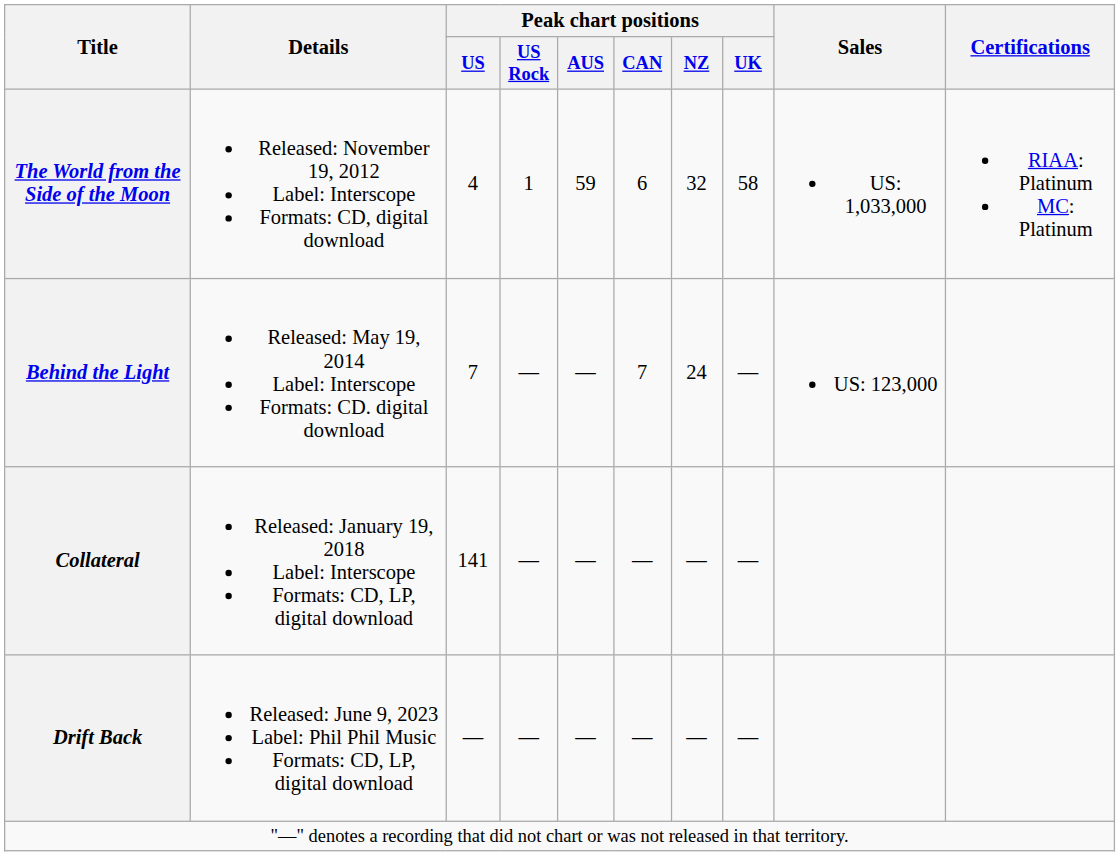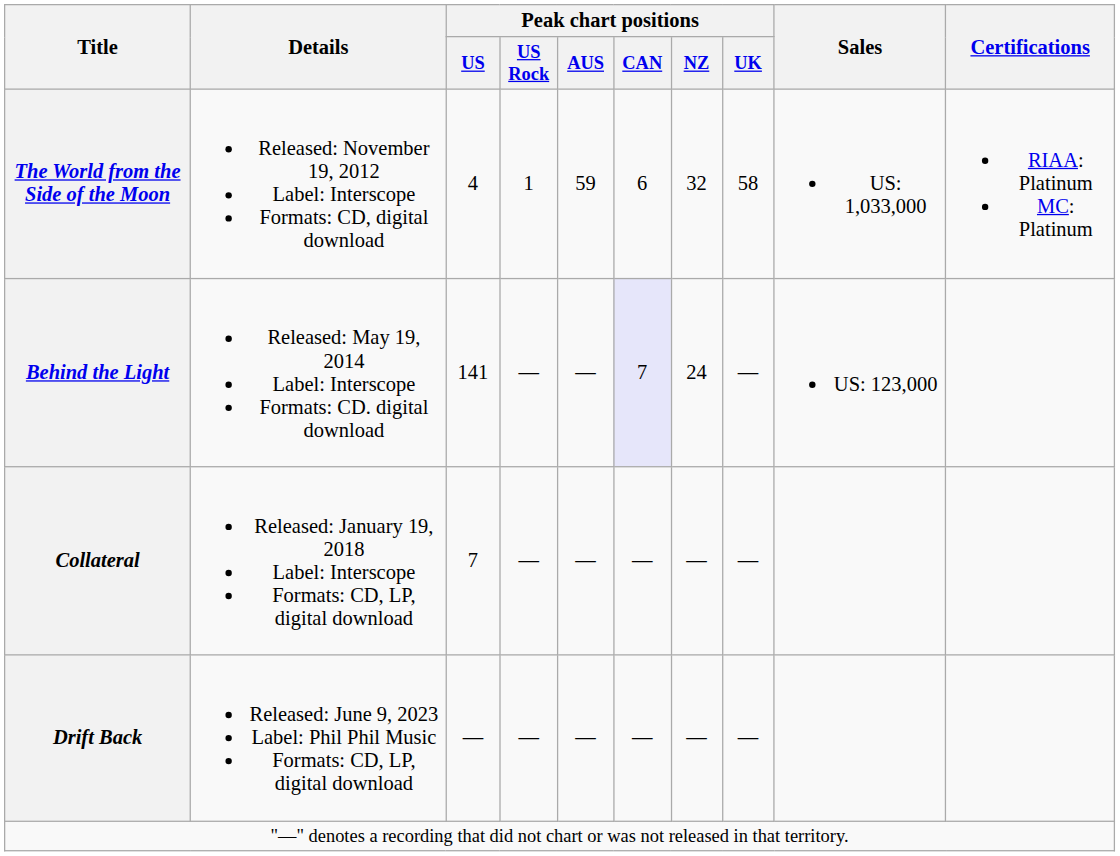 <table class="wikitable plainrowheaders" style="text-align:center;">
 <tr>
 <th rowspan="2" style="width:12em;">Title</th>
 <th rowspan="2" style="width:16em;">Details</th>
 <th colspan="6">Peak chart positions</th>
 <th rowspan="2" style="width:9em;">Sales</th>
 <th rowspan="2" style="width:9em;"><a href='#'>Certifications</a><br></th>
 </tr>
 <tr>
 <th scope="col" style="width:3em;font-size:90%;"><a href='#'>US</a><br></th>
 <th scope="col" style="width:3em;font-size:90%;"><a href='#'>US Rock</a><br></th>
 <th scope="col" style="width:3em;font-size:90%;"><a href='#'>AUS</a><br></th>
 <th scope="col" style="width:3em;font-size:90%;"><a href='#'>CAN</a><br></th>
 <th scope="col" style="width:3em;font-size:90%;"><a href='#'>NZ</a><br></th>
 <th scope="col" style="width:3em;font-size:90%;"><a href='#'>UK</a><br></th>
 </tr>
 <tr>
 <th scope="row"><em><a href='#'>The World from the Side of the Moon</a></em></th>
 <td><br><ul><li>Released: November 19, 2012</li><li>Label: Interscope</li><li>Formats: CD, digital download</li></ul></td>
 <td>4</td>
 <td>1</td>
 <td>59</td>
 <td>6</td>
 <td>32</td>
 <td>58</td>
 <td><br><ul><li>US: 1,033,000</li></ul></td>
 <td><br><ul><li><a href='#'>RIAA</a>: Platinum</li><li><a href='#'>MC</a>: Platinum</li></ul></td>
 </tr>
 <tr>
 <th scope="row"><em><a href='#'>Behind the Light</a></em></th>
 <td><br><ul><li>Released: May 19, 2014</li><li>Label: Interscope</li><li>Formats: CD. digital download</li></ul></td>
-<td>7</td>
+<td>141</td>
 <td>—</td>
 <td>—</td>
-<td>7</td>
+<td style="background: lavender;">7</td>
 <td>24</td>
 <td>—</td>
 <td><br><ul><li>US: 123,000</li></ul></td>
 <td></td>
 </tr>
 <tr>
 <th scope="row"><em>Collateral</em></th>
 <td><br><ul><li>Released: January 19, 2018</li><li>Label: Interscope</li><li>Formats: CD, LP, digital download</li></ul></td>
-<td>141</td>
+<td>7</td>
 <td>—</td>
 <td>—</td>
 <td>—</td>
 <td>—</td>
 <td>—</td>
 <td></td>
 <td></td>
 </tr>
 <tr>
 <th scope="row"><em>Drift Back</em></th>
 <td><br><ul><li>Released: June 9, 2023</li><li>Label: Phil Phil Music</li><li>Formats: CD, LP, digital download</li></ul></td>
 <td>—</td>
 <td>—</td>
 <td>—</td>
 <td>—</td>
 <td>—</td>
 <td>—</td>
 <td></td>
 <td></td>
 </tr>
 <tr>
 <td colspan="14" style="font-size:90%">"—" denotes a recording that did not chart or was not released in that territory.</td>
 </tr>
 </table>
